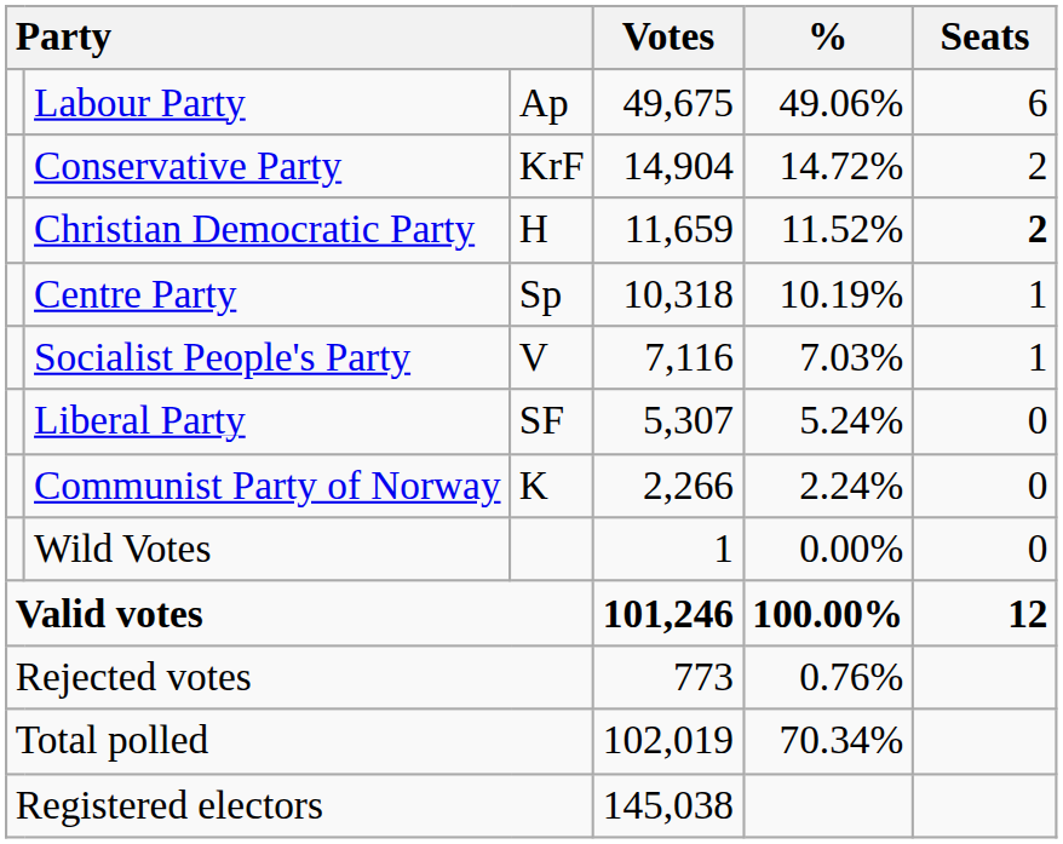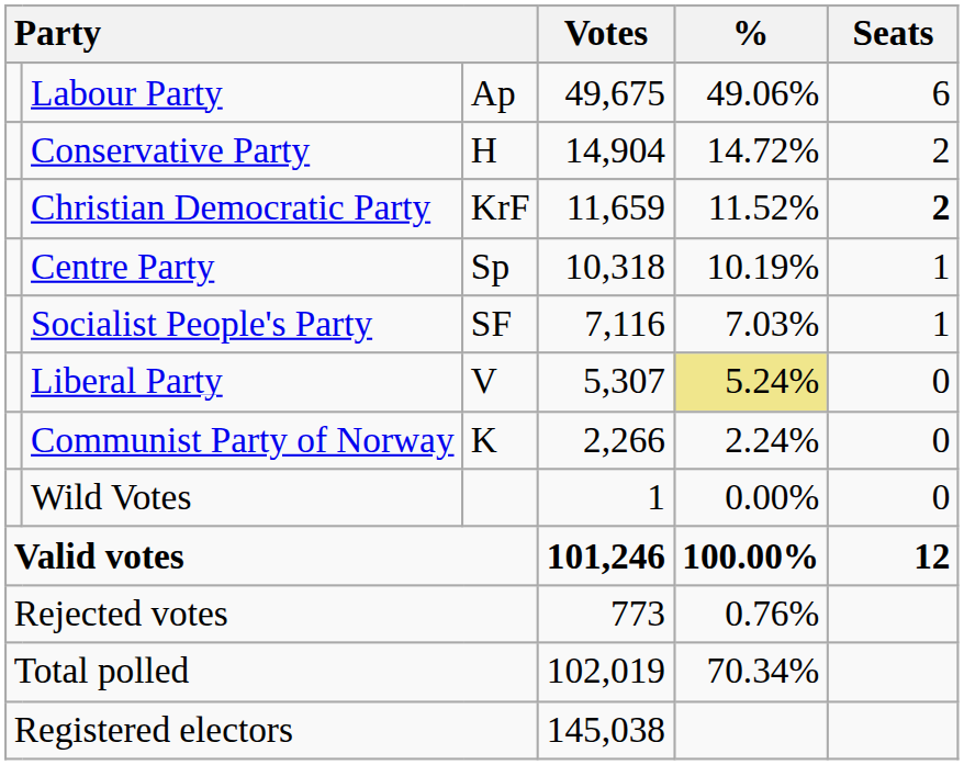 <table class="wikitable" border="1" style="text-align:right;">
 <tr>
 <th style="text-align:left;" colspan=3>Party</th>
 <th align=center width="50">Votes</th>
 <th align=center width="50">%</th>
 <th align=center width="50">Seats</th>
 </tr>
 <tr>
 <td style="color:inherit;background:"></td>
 <td align=left><a href='#'>Labour Party</a></td>
 <td align=left>Ap</td>
 <td>49,675</td>
 <td>49.06%</td>
 <td>6</td>
 </tr>
 <tr>
 <td style="color:inherit;background:"></td>
 <td align=left><a href='#'>Conservative Party</a></td>
-<td align=left>KrF</td>
+<td align=left>H</td>
 <td>14,904</td>
 <td>14.72%</td>
 <td>2</td>
 </tr>
 <tr>
 <td style="color:inherit;background:"></td>
 <td align=left><a href='#'>Christian Democratic Party</a></td>
-<td align=left>H</td>
+<td align=left>KrF</td>
 <td>11,659</td>
 <td>11.52%</td>
 <td><strong>2</strong></td>
 </tr>
 <tr>
 <td style="color:inherit;background:"></td>
 <td align=left><a href='#'>Centre Party</a></td>
 <td align=left>Sp</td>
 <td>10,318</td>
 <td>10.19%</td>
 <td>1</td>
 </tr>
 <tr>
 <td style="color:inherit;background:"></td>
 <td align=left><a href='#'>Socialist People's Party</a></td>
-<td align=left>V</td>
+<td align=left>SF</td>
 <td>7,116</td>
 <td>7.03%</td>
 <td>1</td>
 </tr>
 <tr>
 <td style="color:inherit;background:"></td>
 <td align=left><a href='#'>Liberal Party</a></td>
-<td align=left>SF</td>
+<td align=left>V</td>
 <td>5,307</td>
-<td>5.24%</td>
+<td style="background: khaki;">5.24%</td>
 <td>0</td>
 </tr>
 <tr>
 <td style="color:inherit;background:"></td>
 <td align=left><a href='#'>Communist Party of Norway</a></td>
 <td align=left>K</td>
 <td>2,266</td>
 <td>2.24%</td>
 <td>0</td>
 </tr>
 <tr>
 <td></td>
 <td align=left>Wild Votes</td>
 <td align=left></td>
 <td>1</td>
 <td>0.00%</td>
 <td>0</td>
 </tr>
 <tr style="font-weight:bold">
 <td align=left colspan=3>Valid votes</td>
 <td>101,246</td>
 <td>100.00%</td>
 <td>12</td>
 </tr>
 <tr>
 <td align=left colspan=3>Rejected votes</td>
 <td>773</td>
 <td>0.76%</td>
 <td></td>
 </tr>
 <tr>
 <td align=left colspan=3>Total polled</td>
 <td>102,019</td>
 <td>70.34%</td>
 <td></td>
 </tr>
 <tr>
 <td align=left colspan=3>Registered electors</td>
 <td>145,038</td>
 <td></td>
 <td></td>
 </tr>
 </table>
